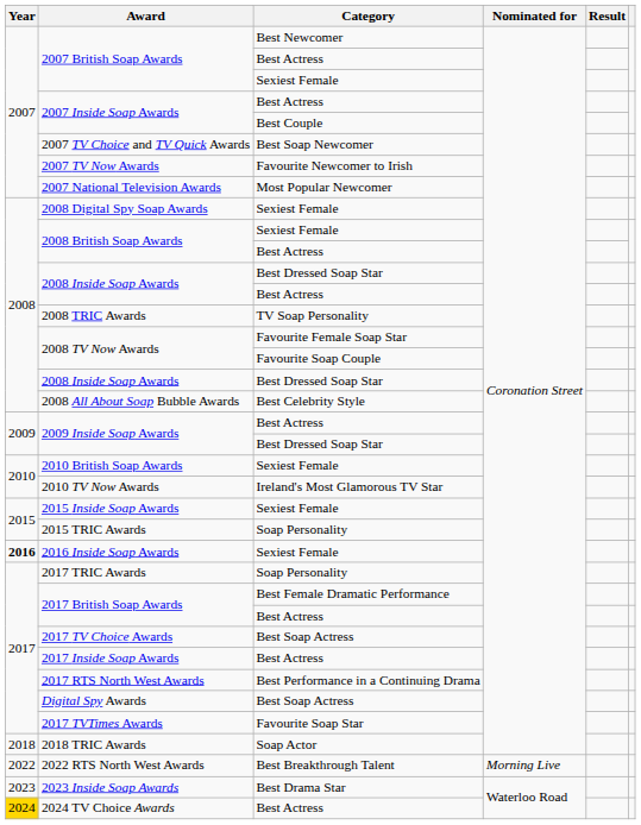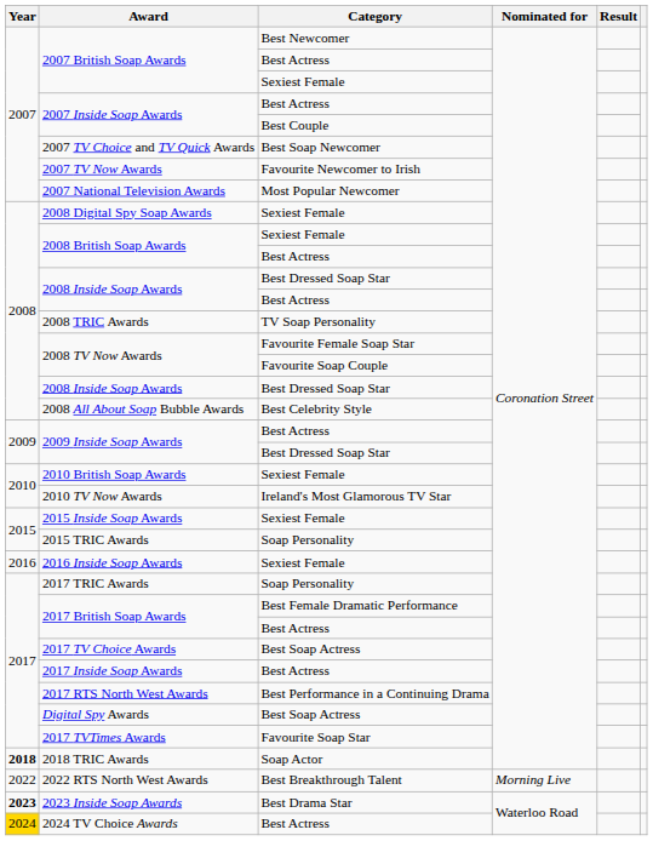 <table class="wikitable plainrowheaders">
 <tr>
 <th scope="col">Year</th>
 <th scope="col">Award</th>
 <th scope="col">Category</th>
 <th scope="col">Nominated for</th>
 <th scope="col">Result</th>
 <th scope="col"></th>
 </tr>
 <tr>
 <td align="center" rowspan="8">2007</td>
 <td rowspan="3"><a href='#'>2007 British Soap Awards</a></td>
 <td>Best Newcomer</td>
 <td rowspan="34"><em>Coronation Street</em></td>
 <td></td>
 <td align="center" rowspan="3"></td>
 </tr>
 <tr>
 <td>Best Actress</td>
 <td></td>
 </tr>
 <tr>
 <td>Sexiest Female</td>
 <td></td>
 </tr>
 <tr>
 <td rowspan="2"><a href='#'>2007 <em>Inside Soap</em> Awards</a></td>
 <td>Best Actress</td>
 <td></td>
 <td align="center" rowspan="2"></td>
 </tr>
 <tr>
 <td>Best Couple </td>
 <td></td>
 </tr>
 <tr>
 <td>2007 <em><a href='#'>TV Choice</a></em> and <em><a href='#'>TV Quick</a></em> Awards</td>
 <td>Best Soap Newcomer</td>
 <td></td>
 <td align="center"></td>
 </tr>
 <tr>
 <td><a href='#'>2007 <em>TV Now</em> Awards</a></td>
 <td>Favourite Newcomer to Irish</td>
 <td></td>
 <td align="center"></td>
 </tr>
 <tr>
 <td><a href='#'>2007 National Television Awards</a></td>
 <td>Most Popular Newcomer</td>
 <td></td>
 <td align="center"></td>
 </tr>
 <tr>
 <td align="center" rowspan="10">2008</td>
 <td><a href='#'>2008 Digital Spy Soap Awards</a></td>
 <td>Sexiest Female</td>
 <td></td>
 <td align="center"></td>
 </tr>
 <tr>
 <td rowspan="2"><a href='#'>2008 British Soap Awards</a></td>
 <td>Sexiest Female</td>
 <td></td>
 <td align="center" rowspan="2"></td>
 </tr>
 <tr>
 <td>Best Actress</td>
 <td></td>
 </tr>
 <tr>
 <td rowspan="2"><a href='#'>2008 <em>Inside Soap</em> Awards</a></td>
 <td>Best Dressed Soap Star</td>
 <td></td>
 <td align="center"></td>
 </tr>
 <tr>
 <td>Best Actress</td>
 <td></td>
 <td align="center"></td>
 </tr>
 <tr>
 <td>2008 <a href='#'>TRIC</a> Awards</td>
 <td>TV Soap Personality</td>
 <td></td>
 <td align="center"></td>
 </tr>
 <tr>
 <td rowspan="2">2008 <em>TV Now</em> Awards</td>
 <td>Favourite Female Soap Star</td>
 <td></td>
 <td align="center"></td>
 </tr>
 <tr>
 <td>Favourite Soap Couple </td>
 <td></td>
 <td align="center"></td>
 </tr>
 <tr>
 <td><a href='#'>2008 <em>Inside Soap</em> Awards</a></td>
 <td>Best Dressed Soap Star</td>
 <td></td>
 <td align="center"></td>
 </tr>
 <tr>
 <td>2008 <em><a href='#'>All About Soap</a></em> Bubble Awards</td>
 <td>Best Celebrity Style</td>
 <td></td>
 <td align="center"></td>
 </tr>
 <tr>
 <td align="center" rowspan="2">2009</td>
 <td rowspan="2"><a href='#'>2009 <em>Inside Soap</em> Awards</a></td>
 <td>Best Actress</td>
 <td></td>
 <td align="center"></td>
 </tr>
 <tr>
 <td>Best Dressed Soap Star</td>
 <td></td>
 <td align="center"></td>
 </tr>
 <tr>
 <td align="center" rowspan="2">2010</td>
 <td><a href='#'>2010 British Soap Awards</a></td>
 <td>Sexiest Female</td>
 <td></td>
 <td align="center"></td>
 </tr>
 <tr>
 <td>2010 <em>TV Now</em> Awards</td>
 <td>Ireland's Most Glamorous TV Star</td>
 <td></td>
 <td align="center"></td>
 </tr>
 <tr>
 <td align="center" rowspan="2">2015</td>
 <td><a href='#'>2015 <em>Inside Soap</em> Awards</a></td>
 <td>Sexiest Female</td>
 <td></td>
 <td align="center"></td>
 </tr>
 <tr>
 <td>2015 TRIC Awards</td>
 <td>Soap Personality</td>
 <td></td>
 <td align="center"></td>
 </tr>
 <tr>
-<td align="center"><strong>2016</strong></td>
+<td align="center">2016</td>
 <td><a href='#'>2016 <em>Inside Soap</em> Awards</a></td>
 <td>Sexiest Female</td>
 <td></td>
 <td align="center"></td>
 </tr>
 <tr>
 <td align="center" rowspan="8">2017</td>
 <td>2017 TRIC Awards</td>
 <td>Soap Personality</td>
 <td></td>
 <td align="center"></td>
 </tr>
 <tr>
 <td rowspan="2"><a href='#'>2017 British Soap Awards</a></td>
 <td>Best Female Dramatic Performance</td>
 <td></td>
 <td align="center"></td>
 </tr>
 <tr>
 <td>Best Actress</td>
 <td></td>
 <td align="center"></td>
 </tr>
 <tr>
 <td><a href='#'>2017 <em>TV Choice</em> Awards</a></td>
 <td>Best Soap Actress</td>
 <td></td>
 <td align="center"></td>
 </tr>
 <tr>
 <td><a href='#'>2017 <em>Inside Soap</em> Awards</a></td>
 <td>Best Actress</td>
 <td></td>
 <td align="center"></td>
 </tr>
 <tr>
 <td><a href='#'>2017 RTS North West Awards</a></td>
 <td>Best Performance in a Continuing Drama</td>
 <td></td>
 <td align="center"></td>
 </tr>
 <tr>
 <td><em><a href='#'>Digital Spy</a></em> Awards</td>
 <td>Best Soap Actress</td>
 <td></td>
 <td></td>
 </tr>
 <tr>
 <td><a href='#'>2017 <em>TVTimes</em> Awards</a></td>
 <td>Favourite Soap Star</td>
 <td></td>
 <td align="center"></td>
 </tr>
 <tr>
-<td align="center">2018</td>
+<td align="center"><strong>2018</strong></td>
 <td>2018 TRIC Awards</td>
 <td>Soap Actor</td>
 <td></td>
 <td align="center"></td>
 </tr>
 <tr>
 <td align="center">2022</td>
 <td>2022 RTS North West Awards</td>
 <td>Best Breakthrough Talent</td>
 <td><em>Morning Live</em></td>
 <td></td>
 <td align="center"></td>
 </tr>
 <tr>
-<td align="center">2023</td>
+<td align="center"><strong>2023</strong></td>
 <td><a href='#'>2023 <em>Inside Soap Awards</a></td>
 <td>Best Drama Star</td>
 <td rowspan="2"></em>Waterloo Road<em></td>
 <td></td>
 <td align="center"></td>
 </tr>
 <tr>
 <td align="center" style="background: gold;">2024</td>
 <td>2024 </em>TV Choice<em> Awards</td>
 <td>Best Actress</td>
 <td></td>
 <td align="center"></td>
 </tr>
 </table>
